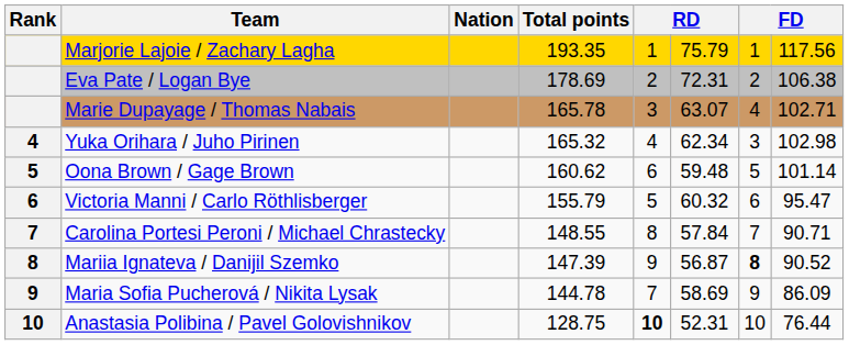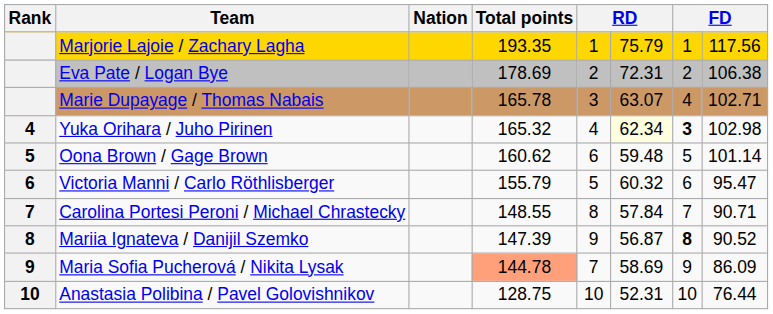 <table class="wikitable sortable" style="text-align:left">
 <tr>
 <th scope="col">Rank</th>
 <th scope="col">Team</th>
 <th scope="col">Nation</th>
 <th scope="col">Total points</th>
 <th scope="col" colspan="2" width="80px"><a href='#'>RD</a></th>
 <th scope="col" colspan="2" width="80px"><a href='#'>FD</a></th>
 </tr>
 <tr bgcolor="gold">
 <th scope="row"></th>
 <td><a href='#'>Marjorie Lajoie</a> / <a href='#'>Zachary Lagha</a></td>
 <td></td>
 <td align="center">193.35</td>
 <td align="center">1</td>
 <td align="center">75.79</td>
 <td align="center">1</td>
 <td align="center">117.56</td>
 </tr>
 <tr bgcolor="silver">
 <th scope="row"></th>
 <td><a href='#'>Eva Pate</a> / <a href='#'>Logan Bye</a></td>
 <td></td>
 <td align="center">178.69</td>
 <td align="center">2</td>
 <td align="center">72.31</td>
 <td align="center">2</td>
 <td align="center">106.38</td>
 </tr>
 <tr bgcolor="cc9966">
 <th scope="row"></th>
 <td><a href='#'>Marie Dupayage</a> / <a href='#'>Thomas Nabais</a></td>
 <td></td>
 <td align="center">165.78</td>
 <td align="center">3</td>
 <td align="center">63.07</td>
 <td align="center">4</td>
 <td align="center">102.71</td>
 </tr>
 <tr>
 <th scope="row">4</th>
 <td><a href='#'>Yuka Orihara</a> / <a href='#'>Juho Pirinen</a></td>
 <td></td>
 <td align="center">165.32</td>
 <td align="center">4</td>
-<td align="center">62.34</td>
-<td align="center">3</td>
+<td align="center" style="background: lightyellow;">62.34</td>
+<td align="center"><strong>3</strong></td>
 <td align="center">102.98</td>
 </tr>
 <tr>
 <th scope="row">5</th>
 <td><a href='#'>Oona Brown</a> / <a href='#'>Gage Brown</a></td>
 <td></td>
 <td align="center">160.62</td>
 <td align="center">6</td>
 <td align="center">59.48</td>
 <td align="center">5</td>
 <td align="center">101.14</td>
 </tr>
 <tr>
 <th scope="row">6</th>
 <td><a href='#'>Victoria Manni</a> / <a href='#'>Carlo Röthlisberger</a></td>
 <td></td>
 <td align="center">155.79</td>
 <td align="center">5</td>
 <td align="center">60.32</td>
 <td align="center">6</td>
 <td align="center">95.47</td>
 </tr>
 <tr>
 <th scope="row">7</th>
 <td><a href='#'>Carolina Portesi Peroni</a> / <a href='#'>Michael Chrastecky</a></td>
 <td></td>
 <td align="center">148.55</td>
 <td align="center">8</td>
 <td align="center">57.84</td>
 <td align="center">7</td>
 <td align="center">90.71</td>
 </tr>
 <tr>
 <th scope="row">8</th>
 <td><a href='#'>Mariia Ignateva</a> / <a href='#'>Danijil Szemko</a></td>
 <td></td>
 <td align="center">147.39</td>
 <td align="center">9</td>
 <td align="center">56.87</td>
 <td align="center"><strong>8</strong></td>
 <td align="center">90.52</td>
 </tr>
 <tr>
 <th scope="row">9</th>
 <td><a href='#'>Maria Sofia Pucherová</a> / <a href='#'>Nikita Lysak</a></td>
 <td></td>
-<td align="center">144.78</td>
+<td align="center" style="background: lightsalmon;">144.78</td>
 <td align="center">7</td>
 <td align="center">58.69</td>
 <td align="center">9</td>
 <td align="center">86.09</td>
 </tr>
 <tr>
 <th scope="row">10</th>
 <td><a href='#'>Anastasia Polibina</a> / <a href='#'>Pavel Golovishnikov</a></td>
 <td></td>
 <td align="center">128.75</td>
-<td align="center"><strong>10</strong></td>
+<td align="center">10</td>
 <td align="center">52.31</td>
 <td align="center">10</td>
 <td align="center">76.44</td>
 </tr>
 </table>
